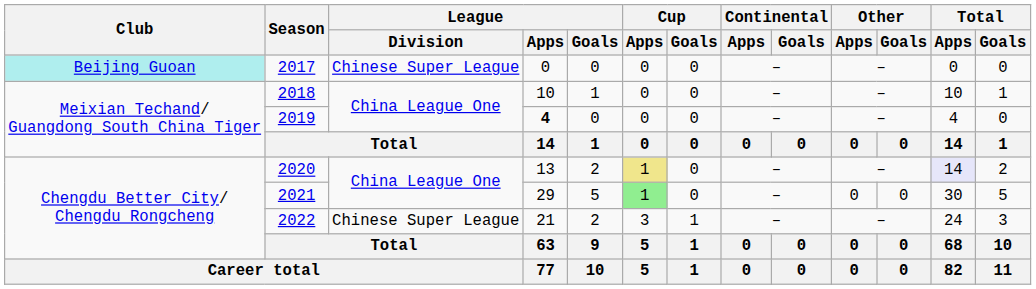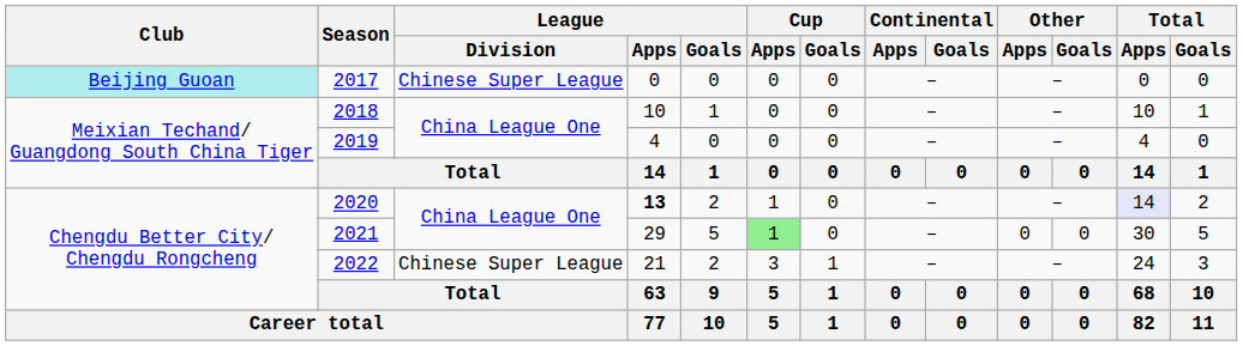 <table class="wikitable" style="text-align: center">
 <tr>
 <th rowspan="2">Club</th>
 <th rowspan="2">Season</th>
 <th colspan="3">League</th>
 <th colspan="2">Cup</th>
 <th colspan="2">Continental</th>
 <th colspan="2">Other</th>
 <th colspan="2">Total</th>
 </tr>
 <tr>
 <th>Division</th>
 <th>Apps</th>
 <th>Goals</th>
 <th>Apps</th>
 <th>Goals</th>
 <th>Apps</th>
 <th>Goals</th>
 <th>Apps</th>
 <th>Goals</th>
 <th>Apps</th>
 <th>Goals</th>
 </tr>
 <tr>
 <td style="background: paleturquoise;"><a href='#'>Beijing Guoan</a></td>
 <td><a href='#'>2017</a></td>
 <td><a href='#'>Chinese Super League</a></td>
 <td>0</td>
 <td>0</td>
 <td>0</td>
 <td>0</td>
 <td colspan="2">–</td>
 <td colspan="2">–</td>
 <td>0</td>
 <td>0</td>
 </tr>
 <tr>
 <td rowspan="3"><a href='#'>Meixian Techand</a>/<br><a href='#'>Guangdong South China Tiger</a></td>
 <td><a href='#'>2018</a></td>
 <td rowspan="2"><a href='#'>China League One</a></td>
 <td>10</td>
 <td>1</td>
 <td>0</td>
 <td>0</td>
 <td colspan="2">–</td>
 <td colspan="2">–</td>
 <td>10</td>
 <td>1</td>
 </tr>
 <tr>
 <td><a href='#'>2019</a></td>
-<td><strong>4</strong></td>
+<td>4</td>
 <td>0</td>
 <td>0</td>
 <td>0</td>
 <td colspan="2">–</td>
 <td colspan="2">–</td>
 <td>4</td>
 <td>0</td>
 </tr>
 <tr>
 <th colspan=2>Total</th>
 <th>14</th>
 <th>1</th>
 <th>0</th>
 <th>0</th>
 <th>0</th>
 <th>0</th>
 <th>0</th>
 <th>0</th>
 <th>14</th>
 <th>1</th>
 </tr>
 <tr>
 <td rowspan="4"><a href='#'>Chengdu Better City</a>/<br><a href='#'>Chengdu Rongcheng</a></td>
 <td><a href='#'>2020</a></td>
 <td rowspan="2"><a href='#'>China League One</a></td>
-<td>13</td>
+<td><strong>13</strong></td>
 <td>2</td>
-<td style="background: khaki;">1</td>
+<td>1</td>
 <td>0</td>
 <td colspan="2">–</td>
 <td colspan="2">–</td>
 <td style="background: lavender;">14</td>
 <td>2</td>
 </tr>
 <tr>
 <td><a href='#'>2021</a></td>
 <td>29</td>
 <td>5</td>
 <td style="background: lightgreen;">1</td>
 <td>0</td>
 <td colspan="2">–</td>
 <td>0</td>
 <td>0</td>
 <td>30</td>
 <td>5</td>
 </tr>
 <tr>
 <td><a href='#'>2022</a></td>
 <td>Chinese Super League</td>
 <td>21</td>
 <td>2</td>
 <td>3</td>
 <td>1</td>
 <td colspan="2">–</td>
 <td colspan="2">–</td>
 <td>24</td>
 <td>3</td>
 </tr>
 <tr>
 <th colspan=2>Total</th>
 <th>63</th>
 <th>9</th>
 <th>5</th>
 <th>1</th>
 <th>0</th>
 <th>0</th>
 <th>0</th>
 <th>0</th>
 <th>68</th>
 <th>10</th>
 </tr>
 <tr>
 <th colspan=3>Career total</th>
 <th>77</th>
 <th>10</th>
 <th>5</th>
 <th>1</th>
 <th>0</th>
 <th>0</th>
 <th>0</th>
 <th>0</th>
 <th>82</th>
 <th>11</th>
 </tr>
 </table>
